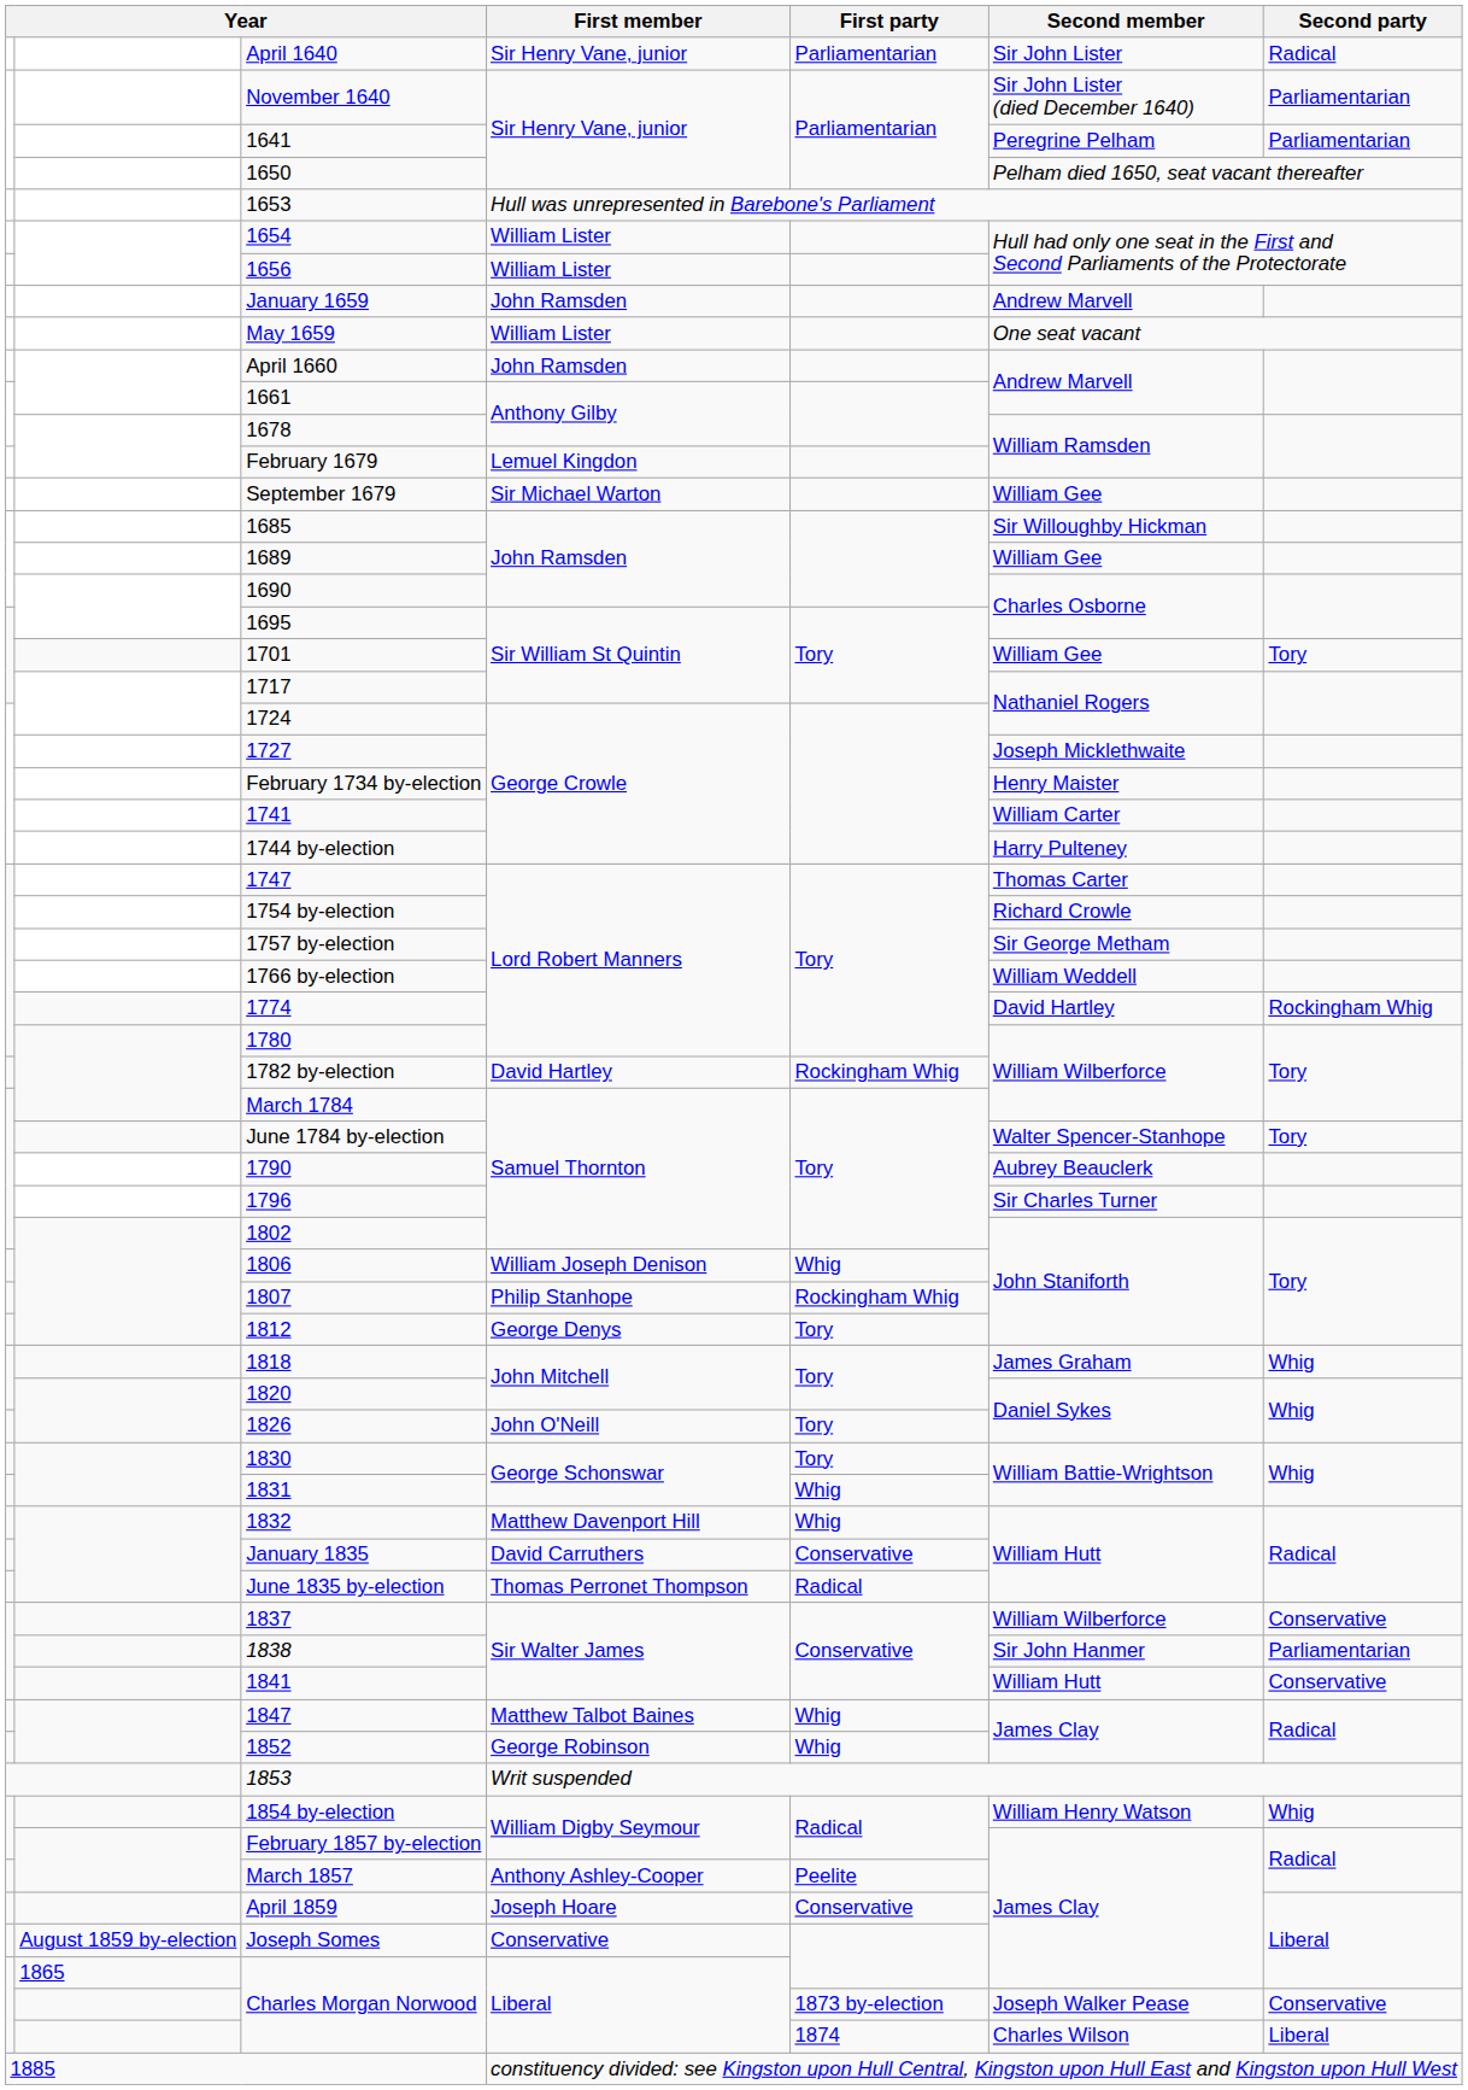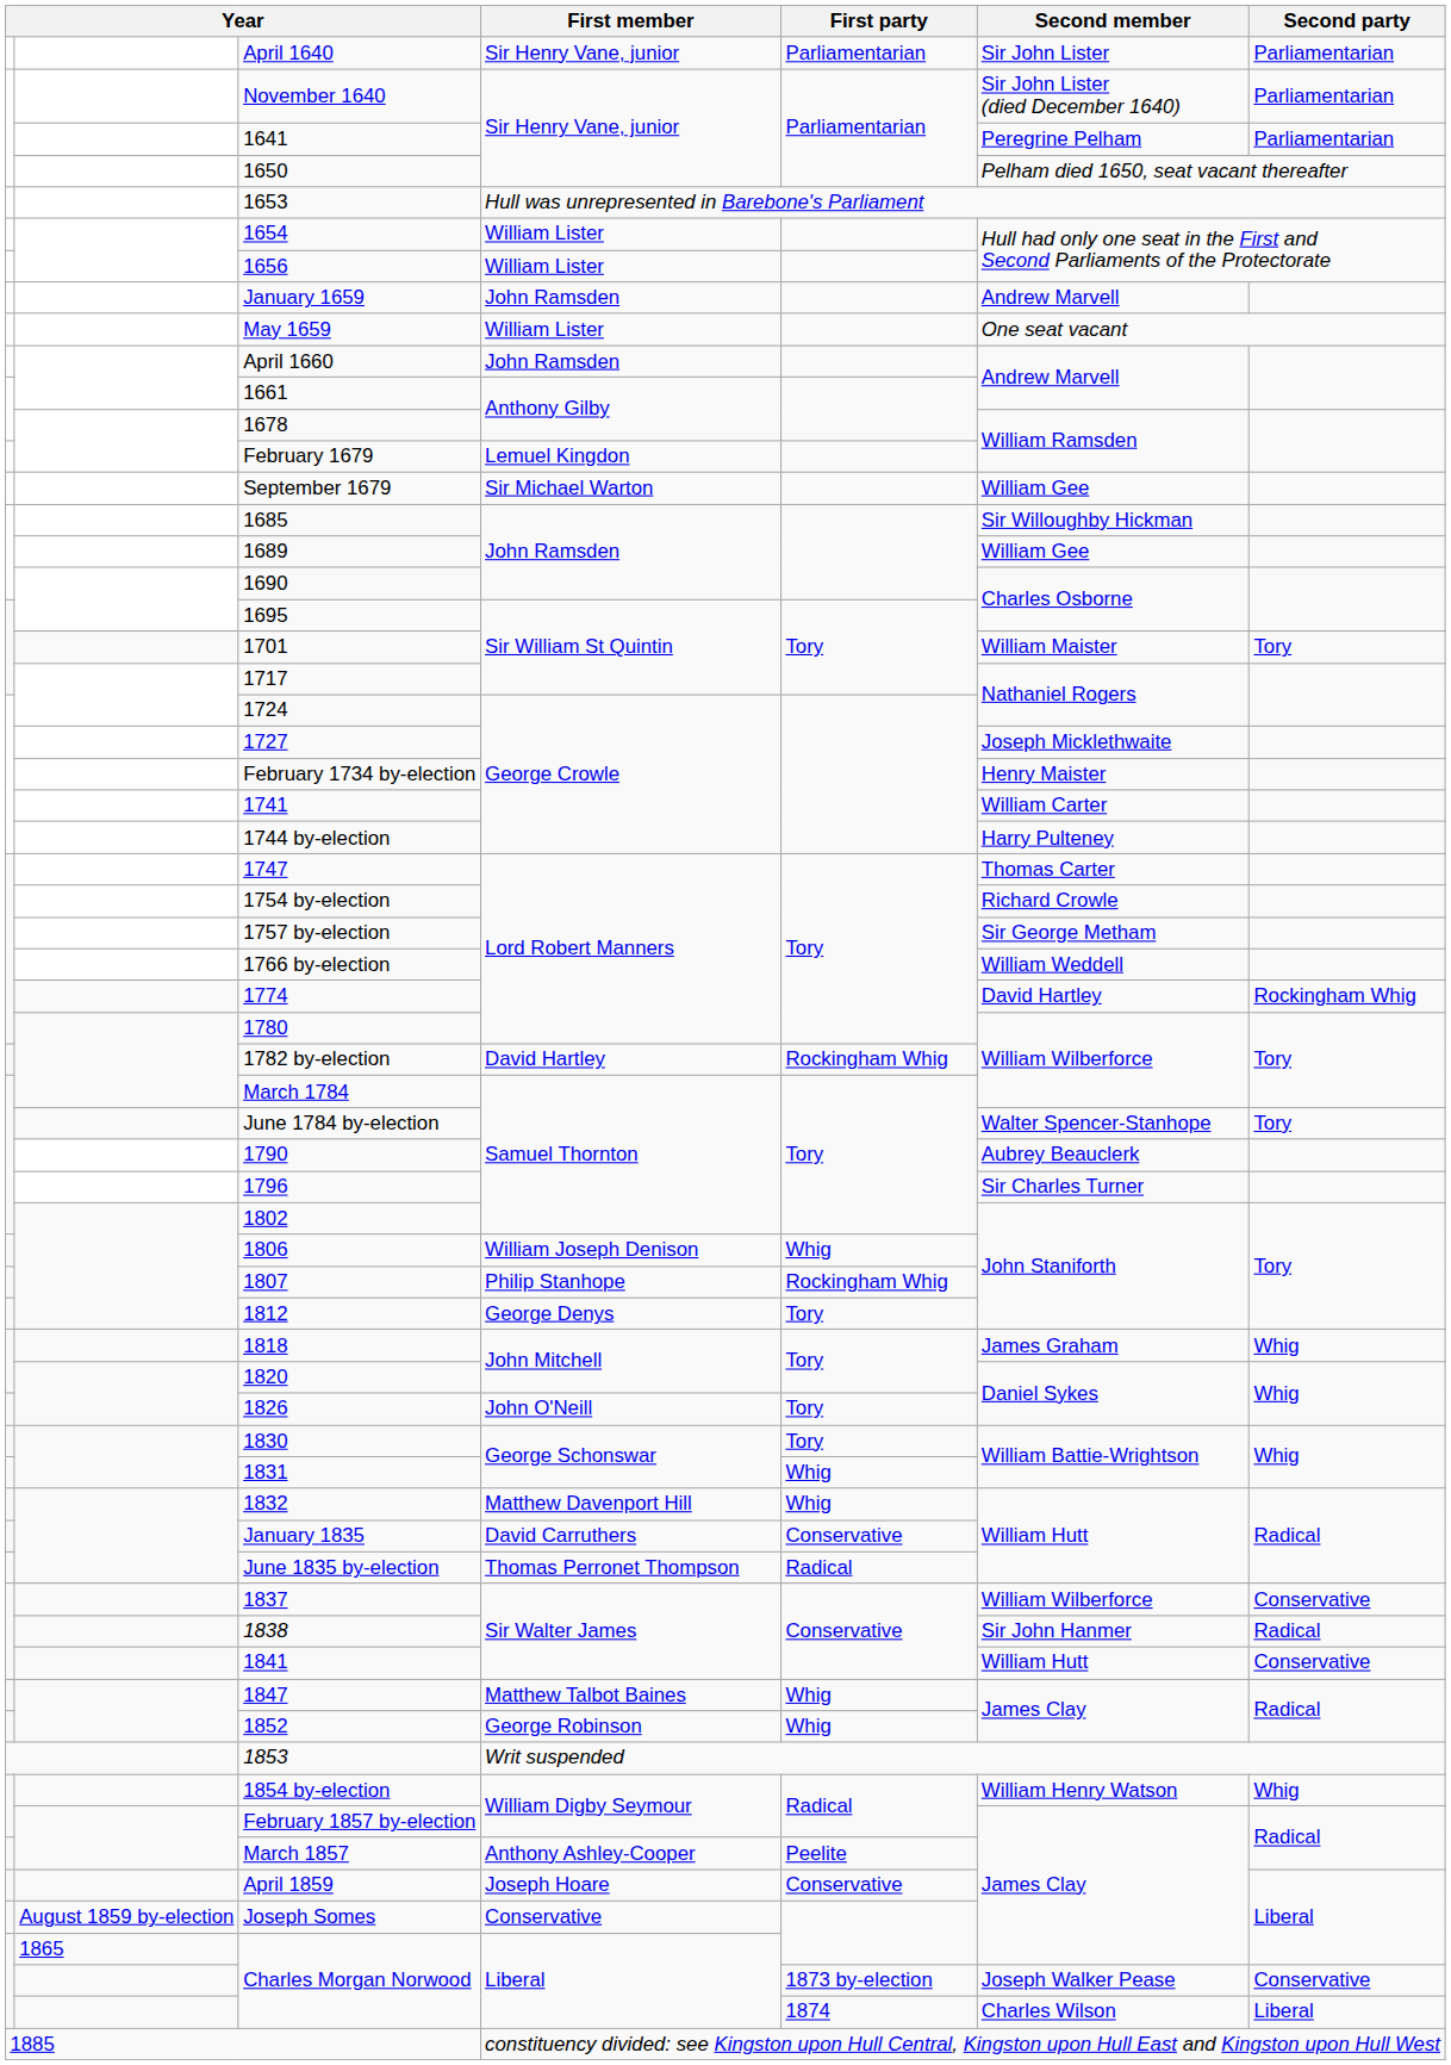 <table class="wikitable">
 <tr>
 <th colspan="3">Year</th>
 <th>First member</th>
 <th>First party</th>
 <th>Second member</th>
 <th>Second party</th>
 </tr>
 <tr>
 <td style="color:inherit;background-color: white"></td>
 <td style="color:inherit;background-color: white"></td>
 <td><a href='#'>April 1640</a></td>
 <td><a href='#'>Sir Henry Vane, junior</a></td>
 <td><a href='#'>Parliamentarian</a></td>
 <td><a href='#'>Sir John Lister</a></td>
-<td><a href='#'>Radical</a></td>
+<td><a href='#'>Parliamentarian</a></td>
 </tr>
 <tr>
 <td rowspan="3" style="color:inherit;background-color: white"></td>
 <td style="color:inherit;background-color: white"></td>
 <td><a href='#'>November 1640</a></td>
 <td rowspan="3"><a href='#'>Sir Henry Vane, junior</a></td>
 <td rowspan="3"><a href='#'>Parliamentarian</a></td>
 <td><a href='#'>Sir John Lister</a> <br> <em>(died December 1640)</em></td>
 <td><a href='#'>Parliamentarian</a></td>
 </tr>
 <tr>
 <td style="color:inherit;background-color: white"></td>
 <td>1641</td>
 <td><a href='#'>Peregrine Pelham</a></td>
 <td><a href='#'>Parliamentarian</a></td>
 </tr>
 <tr>
 <td style="color:inherit;background-color: white"></td>
 <td>1650</td>
 <td colspan="2"><em>Pelham died 1650, seat vacant thereafter</em></td>
 </tr>
 <tr>
 <td style="color:inherit;background-color: white"></td>
 <td style="color:inherit;background-color: white"></td>
 <td>1653</td>
 <td colspan="4"><em>Hull was unrepresented in <a href='#'>Barebone's Parliament</a></em></td>
 </tr>
 <tr>
 <td style="color:inherit;background-color: white"></td>
 <td rowspan="2" style="color:inherit;background-color: white"></td>
 <td><a href='#'>1654</a></td>
 <td><a href='#'>William Lister</a></td>
 <td></td>
 <td rowspan="2" colspan="2"><em>Hull had only one seat in the <a href='#'>First</a> and <br><a href='#'>Second</a> Parliaments of the Protectorate</em></td>
 </tr>
 <tr>
 <td style="color:inherit;background-color: white"></td>
 <td><a href='#'>1656</a></td>
 <td><a href='#'>William Lister</a></td>
 <td></td>
 </tr>
 <tr>
 <td style="color:inherit;background-color: white"></td>
 <td style="color:inherit;background-color: white"></td>
 <td><a href='#'>January 1659</a></td>
 <td><a href='#'>John Ramsden</a></td>
 <td></td>
 <td><a href='#'>Andrew Marvell</a></td>
 <td></td>
 </tr>
 <tr>
 <td style="color:inherit;background-color: white"></td>
 <td style="color:inherit;background-color: white"></td>
 <td><a href='#'>May 1659</a></td>
 <td><a href='#'>William Lister</a></td>
 <td></td>
 <td colspan="2"><em>One seat vacant</em></td>
 </tr>
 <tr>
 <td style="color:inherit;background-color: white"></td>
 <td rowspan="2" style="color:inherit;background-color: white"></td>
 <td>April 1660</td>
 <td><a href='#'>John Ramsden</a></td>
 <td></td>
 <td rowspan="2"><a href='#'>Andrew Marvell</a></td>
 <td rowspan="2"></td>
 </tr>
 <tr>
 <td rowspan="2" style="color:inherit;background-color: white"></td>
 <td>1661</td>
 <td rowspan="2"><a href='#'>Anthony Gilby</a></td>
 <td rowspan="2"></td>
 </tr>
 <tr>
 <td rowspan="2" style="color:inherit;background-color: white"></td>
 <td>1678</td>
 <td rowspan="2"><a href='#'>William Ramsden</a></td>
 <td rowspan="2"></td>
 </tr>
 <tr>
 <td style="color:inherit;background-color: white"></td>
 <td>February 1679</td>
 <td><a href='#'>Lemuel Kingdon</a></td>
 <td></td>
 </tr>
 <tr>
 <td style="color:inherit;background-color: white"></td>
 <td style="color:inherit;background-color: white"></td>
 <td>September 1679</td>
 <td><a href='#'>Sir Michael Warton</a></td>
 <td></td>
 <td><a href='#'>William Gee</a></td>
 <td></td>
 </tr>
 <tr>
 <td rowspan="3" style="color:inherit;background-color: white"></td>
 <td style="color:inherit;background-color: white"></td>
 <td>1685</td>
 <td rowspan="3"><a href='#'>John Ramsden</a></td>
 <td rowspan="3"></td>
 <td><a href='#'>Sir Willoughby Hickman</a></td>
 <td></td>
 </tr>
 <tr>
 <td style="color:inherit;background-color: white"></td>
 <td>1689</td>
 <td><a href='#'>William Gee</a></td>
 <td></td>
 </tr>
 <tr>
 <td rowspan="2" style="color:inherit;background-color: white"></td>
 <td>1690</td>
 <td rowspan="2"><a href='#'>Charles Osborne</a></td>
 <td rowspan="2"></td>
 </tr>
 <tr>
 <td rowspan="3" style="color:inherit;background-color: "></td>
 <td>1695</td>
 <td rowspan="3"><a href='#'>Sir William St Quintin</a></td>
 <td rowspan="3"><a href='#'>Tory</a></td>
 </tr>
 <tr>
 <td style="color:inherit;background-color: "></td>
 <td>1701</td>
-<td><a href='#'>William Gee</a></td>
+<td><a href='#'>William Maister</a></td>
 <td><a href='#'>Tory</a></td>
 </tr>
 <tr>
 <td rowspan="2" style="color:inherit;background-color: white"></td>
 <td>1717</td>
 <td rowspan="2"><a href='#'>Nathaniel Rogers</a></td>
 <td rowspan="2"></td>
 </tr>
 <tr>
 <td rowspan="5" style="color:inherit;background-color: white"></td>
 <td>1724</td>
 <td rowspan="5"><a href='#'>George Crowle</a></td>
 <td rowspan="5"></td>
 </tr>
 <tr>
 <td style="color:inherit;background-color: white"></td>
 <td><a href='#'>1727</a></td>
 <td><a href='#'>Joseph Micklethwaite</a></td>
 <td></td>
 </tr>
 <tr>
 <td style="color:inherit;background-color: white"></td>
 <td>February 1734 by-election</td>
 <td><a href='#'>Henry Maister</a></td>
 <td></td>
 </tr>
 <tr>
 <td style="color:inherit;background-color: white"></td>
 <td><a href='#'>1741</a></td>
 <td><a href='#'>William Carter</a></td>
 <td></td>
 </tr>
 <tr>
 <td style="color:inherit;background-color: white"></td>
 <td>1744 by-election</td>
 <td><a href='#'>Harry Pulteney</a></td>
 <td></td>
 </tr>
 <tr>
 <td rowspan="6" style="color:inherit;background-color: "></td>
 <td style="color:inherit;background-color: white"></td>
 <td><a href='#'>1747</a></td>
 <td rowspan="6"><a href='#'>Lord Robert Manners</a></td>
 <td rowspan="6"><a href='#'>Tory</a></td>
 <td><a href='#'>Thomas Carter</a></td>
 <td></td>
 </tr>
 <tr>
 <td style="color:inherit;background-color: white"></td>
 <td>1754 by-election</td>
 <td><a href='#'>Richard Crowle</a></td>
 <td></td>
 </tr>
 <tr>
 <td style="color:inherit;background-color: white"></td>
 <td>1757 by-election</td>
 <td><a href='#'>Sir George Metham</a></td>
 <td></td>
 </tr>
 <tr>
 <td style="color:inherit;background-color: white"></td>
 <td>1766 by-election</td>
 <td><a href='#'>William Weddell</a></td>
 <td></td>
 </tr>
 <tr>
 <td style="color:inherit;background-color: "></td>
 <td><a href='#'>1774</a></td>
 <td><a href='#'>David Hartley</a></td>
 <td><a href='#'>Rockingham Whig</a></td>
 </tr>
 <tr>
 <td rowspan="3" style="color:inherit;background-color: "></td>
 <td><a href='#'>1780</a></td>
 <td rowspan="3"><a href='#'>William Wilberforce</a></td>
 <td rowspan="3"><a href='#'>Tory</a></td>
 </tr>
 <tr>
 <td style="color:inherit;background-color: "></td>
 <td>1782 by-election</td>
 <td><a href='#'>David Hartley</a></td>
 <td><a href='#'>Rockingham Whig</a></td>
 </tr>
 <tr>
 <td rowspan="5" style="color:inherit;background-color: "></td>
 <td><a href='#'>March 1784</a></td>
 <td rowspan="5"><a href='#'>Samuel Thornton</a></td>
 <td rowspan="5"><a href='#'>Tory</a></td>
 </tr>
 <tr>
 <td style="color:inherit;background-color: "></td>
 <td>June 1784 by-election</td>
 <td><a href='#'>Walter Spencer-Stanhope</a></td>
 <td><a href='#'>Tory</a></td>
 </tr>
 <tr>
 <td style="color:inherit;background-color: white"></td>
 <td><a href='#'>1790</a></td>
 <td><a href='#'>Aubrey Beauclerk</a></td>
 <td></td>
 </tr>
 <tr>
 <td style="color:inherit;background-color: white"></td>
 <td><a href='#'>1796</a></td>
 <td><a href='#'>Sir Charles Turner</a></td>
 <td></td>
 </tr>
 <tr>
 <td rowspan="4" style="color:inherit;background-color: "></td>
 <td><a href='#'>1802</a></td>
 <td rowspan="4"><a href='#'>John Staniforth</a></td>
 <td rowspan="4"><a href='#'>Tory</a></td>
 </tr>
 <tr>
 <td style="color:inherit;background-color: "></td>
 <td><a href='#'>1806</a></td>
 <td><a href='#'>William Joseph Denison</a></td>
 <td><a href='#'>Whig</a></td>
 </tr>
 <tr>
 <td style="color:inherit;background-color: "></td>
 <td><a href='#'>1807</a></td>
 <td><a href='#'>Philip Stanhope</a></td>
 <td><a href='#'>Rockingham Whig</a></td>
 </tr>
 <tr>
 <td style="color:inherit;background-color: "></td>
 <td><a href='#'>1812</a></td>
 <td><a href='#'>George Denys</a></td>
 <td><a href='#'>Tory</a></td>
 </tr>
 <tr>
 <td rowspan="2" style="color:inherit;background-color: "></td>
 <td style="color:inherit;background-color: "></td>
 <td><a href='#'>1818</a></td>
 <td rowspan="2"><a href='#'>John Mitchell</a></td>
 <td rowspan="2"><a href='#'>Tory</a></td>
 <td><a href='#'>James Graham</a></td>
 <td><a href='#'>Whig</a></td>
 </tr>
 <tr>
 <td rowspan="2" style="color:inherit;background-color: "></td>
 <td><a href='#'>1820</a></td>
 <td rowspan="2"><a href='#'>Daniel Sykes</a></td>
 <td rowspan="2"><a href='#'>Whig</a></td>
 </tr>
 <tr>
 <td style="color:inherit;background-color: "></td>
 <td><a href='#'>1826</a></td>
 <td><a href='#'>John O'Neill</a></td>
 <td><a href='#'>Tory</a></td>
 </tr>
 <tr>
 <td style="color:inherit;background-color: "></td>
 <td rowspan="2" style="color:inherit;background-color: "></td>
 <td><a href='#'>1830</a></td>
 <td rowspan="2"><a href='#'>George Schonswar</a></td>
 <td><a href='#'>Tory</a></td>
 <td rowspan="2"><a href='#'>William Battie-Wrightson</a></td>
 <td rowspan="2"><a href='#'>Whig</a></td>
 </tr>
 <tr>
 <td style="color:inherit;background-color: "></td>
 <td><a href='#'>1831</a></td>
 <td><a href='#'>Whig</a></td>
 </tr>
 <tr>
 <td style="color:inherit;background-color: "></td>
 <td rowspan="3" style="color:inherit;background-color: "></td>
 <td><a href='#'>1832</a></td>
 <td><a href='#'>Matthew Davenport Hill</a></td>
 <td><a href='#'>Whig</a></td>
 <td rowspan="3"><a href='#'>William Hutt</a></td>
 <td rowspan="3"><a href='#'>Radical</a></td>
 </tr>
 <tr>
 <td style="color:inherit;background-color: "></td>
 <td><a href='#'>January 1835</a></td>
 <td><a href='#'>David Carruthers</a></td>
 <td><a href='#'>Conservative</a></td>
 </tr>
 <tr>
 <td style="color:inherit;background-color: "></td>
 <td><a href='#'>June 1835 by-election</a></td>
 <td><a href='#'>Thomas Perronet Thompson</a></td>
 <td><a href='#'>Radical</a></td>
 </tr>
 <tr>
 <td rowspan="3" style="color:inherit;background-color: "></td>
 <td style="color:inherit;background-color: "></td>
 <td><a href='#'>1837</a></td>
 <td rowspan="3"><a href='#'>Sir Walter James</a></td>
 <td rowspan="3"><a href='#'>Conservative</a></td>
 <td><a href='#'>William Wilberforce</a></td>
 <td><a href='#'>Conservative</a></td>
 </tr>
 <tr>
 <td style="color:inherit;background-color: "></td>
 <td><em>1838</em></td>
 <td><a href='#'>Sir John Hanmer</a></td>
-<td><a href='#'>Parliamentarian</a></td>
+<td><a href='#'>Radical</a></td>
 </tr>
 <tr>
 <td style="color:inherit;background-color: "></td>
 <td><a href='#'>1841</a></td>
 <td><a href='#'>William Hutt</a></td>
 <td><a href='#'>Conservative</a></td>
 </tr>
 <tr>
 <td style="color:inherit;background-color: "></td>
 <td rowspan="2" style="color:inherit;background-color: "></td>
 <td><a href='#'>1847</a></td>
 <td><a href='#'>Matthew Talbot Baines</a></td>
 <td><a href='#'>Whig</a></td>
 <td rowspan="2"><a href='#'>James Clay</a></td>
 <td rowspan="2"><a href='#'>Radical</a></td>
 </tr>
 <tr>
 <td style="color:inherit;background-color: "></td>
 <td><a href='#'>1852</a></td>
 <td><a href='#'>George Robinson</a></td>
 <td><a href='#'>Whig</a></td>
 </tr>
 <tr>
 <td colspan="2"></td>
 <td><em>1853</em></td>
 <td colspan="4"><em>Writ suspended</em></td>
 </tr>
 <tr>
 <td rowspan="2" style="color:inherit;background-color: "></td>
 <td style="color:inherit;background-color: "></td>
 <td><a href='#'>1854 by-election</a></td>
 <td rowspan="2"><a href='#'>William Digby Seymour</a></td>
 <td rowspan="2"><a href='#'>Radical</a></td>
 <td><a href='#'>William Henry Watson</a></td>
 <td><a href='#'>Whig</a></td>
 </tr>
 <tr>
 <td rowspan="2" style="color:inherit;background-color: "></td>
 <td><a href='#'>February 1857 by-election</a></td>
 <td rowspan="5"><a href='#'>James Clay</a></td>
 <td rowspan="2"><a href='#'>Radical</a></td>
 </tr>
 <tr>
 <td style="color:inherit;background-color: "></td>
 <td><a href='#'>March 1857</a></td>
 <td><a href='#'>Anthony Ashley-Cooper</a></td>
 <td><a href='#'>Peelite</a></td>
 </tr>
 <tr>
 <td style="color:inherit;background-color: "></td>
 <td style="color:inherit;background-color: "></td>
 <td><a href='#'>April 1859</a></td>
 <td><a href='#'>Joseph Hoare</a></td>
 <td><a href='#'>Conservative</a></td>
 <td rowspan="3"><a href='#'>Liberal</a></td>
 </tr>
 <tr>
 <td style="color:inherit;background-color: "></td>
 <td><a href='#'>August 1859 by-election</a></td>
 <td><a href='#'>Joseph Somes</a></td>
 <td><a href='#'>Conservative</a></td>
 </tr>
 <tr>
 <td rowspan="3" style="color:inherit;background-color: "></td>
 <td><a href='#'>1865</a></td>
 <td rowspan="3"><a href='#'>Charles Morgan Norwood</a></td>
 <td rowspan="3"><a href='#'>Liberal</a></td>
 </tr>
 <tr>
 <td style="color:inherit;background-color: "></td>
 <td><a href='#'>1873 by-election</a></td>
 <td><a href='#'>Joseph Walker Pease</a></td>
 <td><a href='#'>Conservative</a></td>
 </tr>
 <tr>
 <td style="color:inherit;background-color: "></td>
 <td><a href='#'>1874</a></td>
 <td><a href='#'>Charles Wilson</a></td>
 <td><a href='#'>Liberal</a></td>
 </tr>
 <tr>
 <td colspan="3"><a href='#'>1885</a></td>
 <td colspan="4"><em>constituency divided: see <a href='#'>Kingston upon Hull Central</a>, <a href='#'>Kingston upon Hull East</a> and <a href='#'>Kingston upon Hull West</a></em></td>
 </tr>
 </table>
